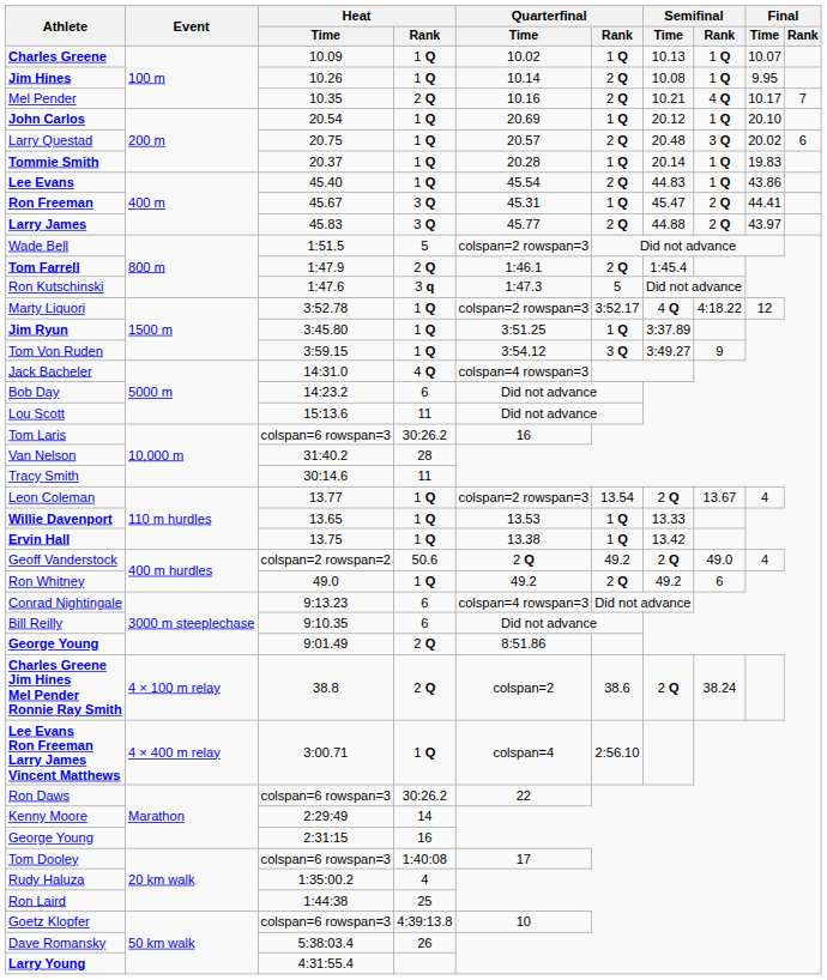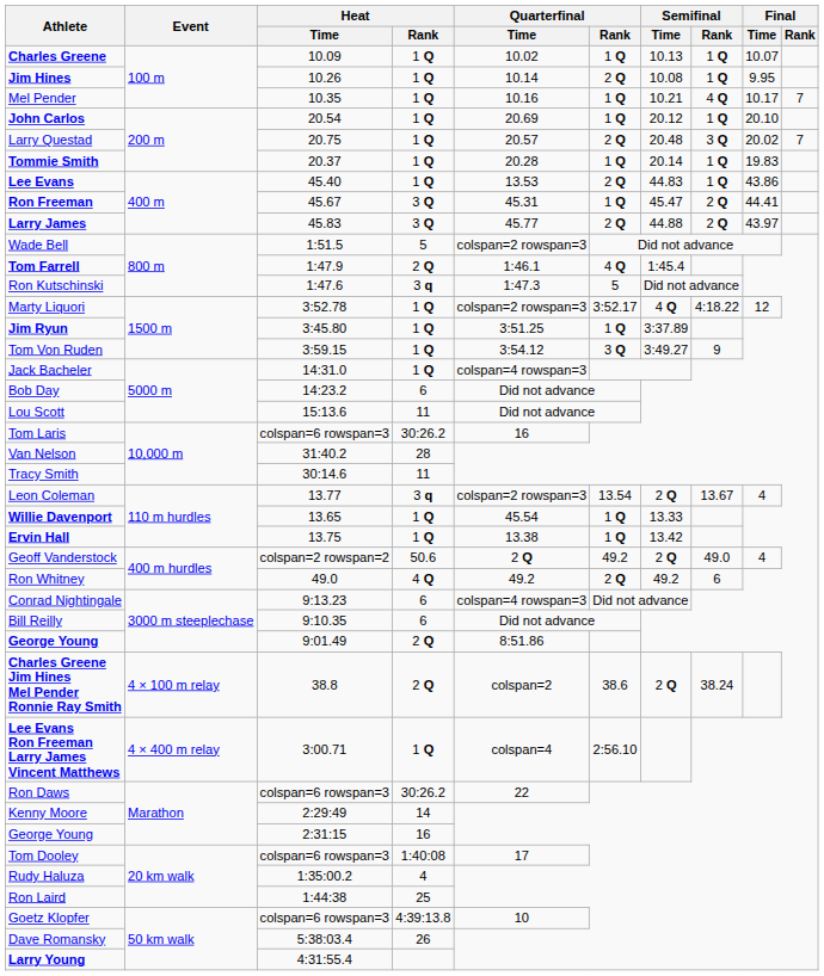 <table class=wikitable style=font-size:90%;text-align:center>
 <tr>
 <th rowspan=2>Athlete</th>
 <th rowspan=2>Event</th>
 <th colspan=2>Heat</th>
 <th colspan=2>Quarterfinal</th>
 <th colspan=2>Semifinal</th>
 <th colspan=2>Final</th>
 </tr>
 <tr style=font-size:95%>
 <th>Time</th>
 <th>Rank</th>
 <th>Time</th>
 <th>Rank</th>
 <th>Time</th>
 <th>Rank</th>
 <th>Time</th>
 <th>Rank</th>
 </tr>
 <tr>
 <td align=left><strong><a href='#'>Charles Greene</a></strong></td>
 <td align=left rowspan=3><a href='#'>100 m</a></td>
 <td>10.09</td>
 <td>1 <strong>Q</strong></td>
 <td>10.02</td>
 <td>1 <strong>Q</strong></td>
 <td>10.13</td>
 <td>1 <strong>Q</strong></td>
 <td>10.07</td>
 <td></td>
 </tr>
 <tr>
 <td align=left><strong><a href='#'>Jim Hines</a></strong></td>
 <td>10.26</td>
 <td>1 <strong>Q</strong></td>
 <td>10.14</td>
 <td>2 <strong>Q</strong></td>
 <td>10.08</td>
 <td>1 <strong>Q</strong></td>
 <td>9.95 </td>
 <td></td>
 </tr>
 <tr>
 <td align=left><a href='#'>Mel Pender</a></td>
 <td>10.35</td>
-<td>2 <strong>Q</strong></td>
+<td>1 <strong>Q</strong></td>
 <td>10.16</td>
-<td>2 <strong>Q</strong></td>
+<td>1 <strong>Q</strong></td>
 <td>10.21</td>
 <td>4 <strong>Q</strong></td>
 <td>10.17</td>
 <td>7</td>
 </tr>
 <tr>
 <td align=left><strong><a href='#'>John Carlos</a></strong></td>
 <td align=left rowspan=3><a href='#'>200 m</a></td>
 <td>20.54</td>
 <td>1 <strong>Q</strong></td>
 <td>20.69</td>
 <td>1 <strong>Q</strong></td>
 <td>20.12 </td>
 <td>1 <strong>Q</strong></td>
 <td>20.10</td>
 <td></td>
 </tr>
 <tr>
 <td align=left><a href='#'>Larry Questad</a></td>
 <td>20.75</td>
 <td>1 <strong>Q</strong></td>
 <td>20.57</td>
 <td>2 <strong>Q</strong></td>
 <td>20.48</td>
 <td>3 <strong>Q</strong></td>
 <td>20.02</td>
-<td>6</td>
+<td>7</td>
 </tr>
 <tr>
 <td align=left><strong><a href='#'>Tommie Smith</a></strong></td>
 <td>20.37</td>
 <td>1 <strong>Q</strong></td>
 <td>20.28</td>
 <td>1 <strong>Q</strong></td>
 <td>20.14</td>
 <td>1 <strong>Q</strong></td>
 <td>19.83 </td>
 <td></td>
 </tr>
 <tr>
 <td align=left><strong><a href='#'>Lee Evans</a></strong></td>
 <td align=left rowspan=3><a href='#'>400 m</a></td>
 <td>45.40</td>
 <td>1 <strong>Q</strong></td>
-<td>45.54</td>
+<td>13.53</td>
 <td>2 <strong>Q</strong></td>
 <td>44.83 </td>
 <td>1 <strong>Q</strong></td>
 <td>43.86 </td>
 <td></td>
 </tr>
 <tr>
 <td align=left><strong><a href='#'>Ron Freeman</a></strong></td>
 <td>45.67</td>
 <td>3 <strong>Q</strong></td>
 <td>45.31</td>
 <td>1 <strong>Q</strong></td>
 <td>45.47</td>
 <td>2 <strong>Q</strong></td>
 <td>44.41</td>
 <td></td>
 </tr>
 <tr>
 <td align=left><strong><a href='#'>Larry James</a></strong></td>
 <td>45.83</td>
 <td>3 <strong>Q</strong></td>
 <td>45.77</td>
 <td>2 <strong>Q</strong></td>
 <td>44.88</td>
 <td>2 <strong>Q</strong></td>
 <td>43.97</td>
 <td></td>
 </tr>
 <tr>
 <td align=left><a href='#'>Wade Bell</a></td>
 <td align=left rowspan=3><a href='#'>800 m</a></td>
 <td>1:51.5</td>
 <td>5</td>
 <td>colspan=2 rowspan=3 </td>
 <td colspan=4>Did not advance</td>
 </tr>
 <tr>
 <td align=left><strong><a href='#'>Tom Farrell</a></strong></td>
 <td>1:47.9</td>
 <td>2 <strong>Q</strong></td>
 <td>1:46.1</td>
-<td>2 <strong>Q</strong></td>
+<td>4 <strong>Q</strong></td>
 <td>1:45.4</td>
 <td></td>
 </tr>
 <tr>
 <td align=left><a href='#'>Ron Kutschinski</a></td>
 <td>1:47.6</td>
 <td>3 <strong>q</strong></td>
 <td>1:47.3</td>
 <td>5</td>
 <td colspan=2>Did not advance</td>
 </tr>
 <tr>
 <td align=left><a href='#'>Marty Liquori</a></td>
 <td align=left rowspan=3><a href='#'>1500 m</a></td>
 <td>3:52.78</td>
 <td>1 <strong>Q</strong></td>
 <td>colspan=2 rowspan=3 </td>
 <td>3:52.17</td>
 <td>4 <strong>Q</strong></td>
 <td>4:18.22</td>
 <td>12</td>
 </tr>
 <tr>
 <td align=left><strong><a href='#'>Jim Ryun</a></strong></td>
 <td>3:45.80</td>
 <td>1 <strong>Q</strong></td>
 <td>3:51.25</td>
 <td>1 <strong>Q</strong></td>
 <td>3:37.89</td>
 <td></td>
 </tr>
 <tr>
 <td align=left><a href='#'>Tom Von Ruden</a></td>
 <td>3:59.15</td>
 <td>1 <strong>Q</strong></td>
 <td>3:54.12</td>
 <td>3 <strong>Q</strong></td>
 <td>3:49.27</td>
 <td>9</td>
 </tr>
 <tr>
 <td align=left><a href='#'>Jack Bacheler</a></td>
 <td align=left rowspan=3><a href='#'>5000 m</a></td>
 <td>14:31.0</td>
-<td>4 <strong>Q</strong></td>
+<td>1 <strong>Q</strong></td>
 <td>colspan=4 rowspan=3 </td>
 <td colspan=2></td>
 </tr>
 <tr>
 <td align=left><a href='#'>Bob Day</a></td>
 <td>14:23.2</td>
 <td>6</td>
 <td colspan=2>Did not advance</td>
 </tr>
 <tr>
 <td align=left><a href='#'>Lou Scott</a></td>
 <td>15:13.6</td>
 <td>11</td>
 <td colspan=2>Did not advance</td>
 </tr>
 <tr>
 <td align=left><a href='#'>Tom Laris</a></td>
 <td align=left rowspan=3><a href='#'>10,000 m</a></td>
 <td>colspan=6 rowspan=3 </td>
 <td>30:26.2</td>
 <td>16</td>
 </tr>
 <tr>
 <td align=left><a href='#'>Van Nelson</a></td>
 <td>31:40.2</td>
 <td>28</td>
 </tr>
 <tr>
 <td align=left><a href='#'>Tracy Smith</a></td>
 <td>30:14.6</td>
 <td>11</td>
 </tr>
 <tr>
 <td align=left><a href='#'>Leon Coleman</a></td>
 <td align=left rowspan=3><a href='#'>110 m hurdles</a></td>
 <td>13.77</td>
-<td>1 <strong>Q</strong></td>
+<td>3 <strong>q</strong></td>
 <td>colspan=2 rowspan=3 </td>
 <td>13.54</td>
 <td>2 <strong>Q</strong></td>
 <td>13.67</td>
 <td>4</td>
 </tr>
 <tr>
 <td align=left><strong><a href='#'>Willie Davenport</a></strong></td>
 <td>13.65</td>
 <td>1 <strong>Q</strong></td>
-<td>13.53</td>
+<td>45.54</td>
 <td>1 <strong>Q</strong></td>
 <td>13.33 </td>
 <td></td>
 </tr>
 <tr>
 <td align=left><strong><a href='#'>Ervin Hall</a></strong></td>
 <td>13.75</td>
 <td>1 <strong>Q</strong></td>
 <td>13.38 </td>
 <td>1 <strong>Q</strong></td>
 <td>13.42</td>
 <td></td>
 </tr>
 <tr>
 <td align=left><a href='#'>Geoff Vanderstock</a></td>
 <td align=left rowspan=2><a href='#'>400 m hurdles</a></td>
 <td>colspan=2 rowspan=2 </td>
 <td>50.6</td>
 <td>2 <strong>Q</strong></td>
 <td>49.2</td>
 <td>2 <strong>Q</strong></td>
 <td>49.0</td>
 <td>4</td>
 </tr>
 <tr>
 <td align=left><a href='#'>Ron Whitney</a></td>
 <td>49.0 </td>
-<td>1 <strong>Q</strong></td>
+<td>4 <strong>Q</strong></td>
 <td>49.2</td>
 <td>2 <strong>Q</strong></td>
 <td>49.2</td>
 <td>6</td>
 </tr>
 <tr>
 <td align=left><a href='#'>Conrad Nightingale</a></td>
 <td align=left rowspan=3><a href='#'>3000 m steeplechase</a></td>
 <td>9:13.23</td>
 <td>6</td>
 <td>colspan=4 rowspan=3 </td>
 <td colspan=2>Did not advance</td>
 </tr>
 <tr>
 <td align=left><a href='#'>Bill Reilly</a></td>
 <td>9:10.35</td>
 <td>6</td>
 <td colspan=2>Did not advance</td>
 </tr>
 <tr>
 <td align=left><strong><a href='#'>George Young</a></strong></td>
 <td>9:01.49</td>
 <td>2 <strong>Q</strong></td>
 <td>8:51.86</td>
 <td></td>
 </tr>
 <tr>
 <td align=left><strong><a href='#'>Charles Greene</a><br><a href='#'>Jim Hines</a><br><a href='#'>Mel Pender</a><br><a href='#'>Ronnie Ray Smith</a></strong></td>
 <td align=left><a href='#'>4 × 100 m relay</a></td>
 <td>38.8</td>
 <td>2 <strong>Q</strong></td>
 <td>colspan=2 </td>
 <td>38.6</td>
 <td>2 <strong>Q</strong></td>
 <td>38.24 </td>
 <td></td>
 </tr>
 <tr>
 <td align=left><strong><a href='#'>Lee Evans</a><br><a href='#'>Ron Freeman</a><br><a href='#'>Larry James</a><br><a href='#'>Vincent Matthews</a></strong></td>
 <td align=left><a href='#'>4 × 400 m relay</a></td>
 <td>3:00.71</td>
 <td>1 <strong>Q</strong></td>
 <td>colspan=4 </td>
 <td>2:56.10 </td>
 <td></td>
 </tr>
 <tr>
 <td align=left><a href='#'>Ron Daws</a></td>
 <td align=left rowspan=3><a href='#'>Marathon</a></td>
 <td>colspan=6 rowspan=3 </td>
 <td>30:26.2</td>
 <td>22</td>
 </tr>
 <tr>
 <td align=left><a href='#'>Kenny Moore</a></td>
 <td>2:29:49</td>
 <td>14</td>
 </tr>
 <tr>
 <td align=left><a href='#'>George Young</a></td>
 <td>2:31:15</td>
 <td>16</td>
 </tr>
 <tr>
 <td align=left><a href='#'>Tom Dooley</a></td>
 <td align=left rowspan=3><a href='#'>20 km walk</a></td>
 <td>colspan=6 rowspan=3 </td>
 <td>1:40:08</td>
 <td>17</td>
 </tr>
 <tr>
 <td align=left><a href='#'>Rudy Haluza</a></td>
 <td>1:35:00.2</td>
 <td>4</td>
 </tr>
 <tr>
 <td align=left><a href='#'>Ron Laird</a></td>
 <td>1:44:38</td>
 <td>25</td>
 </tr>
 <tr>
 <td align=left><a href='#'>Goetz Klopfer</a></td>
 <td align=left rowspan=3><a href='#'>50 km walk</a></td>
 <td>colspan=6 rowspan=3 </td>
 <td>4:39:13.8</td>
 <td>10</td>
 </tr>
 <tr>
 <td align=left><a href='#'>Dave Romansky</a></td>
 <td>5:38:03.4</td>
 <td>26</td>
 </tr>
 <tr>
 <td align=left><strong><a href='#'>Larry Young</a></strong></td>
 <td>4:31:55.4</td>
 <td></td>
 </tr>
 </table>
